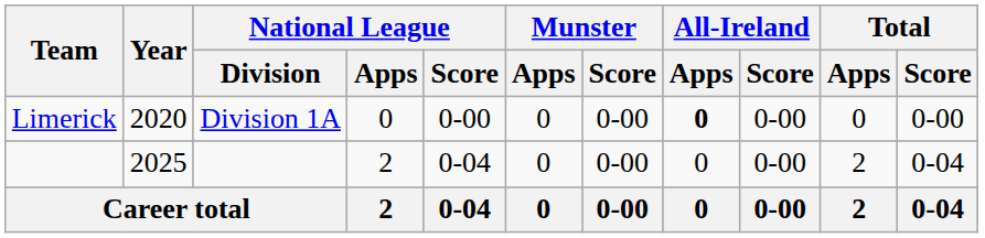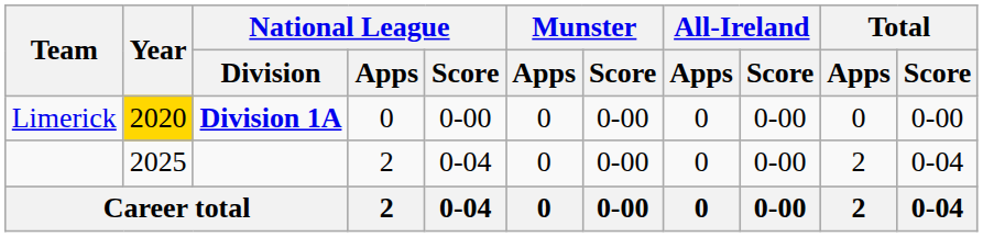 <table class="wikitable" style="text-align:center">
 <tr>
 <th rowspan="2">Team</th>
 <th rowspan="2">Year</th>
 <th colspan="3"><a href='#'>National League</a></th>
 <th colspan="2"><a href='#'>Munster</a></th>
 <th colspan="2"><a href='#'>All-Ireland</a></th>
 <th colspan="2">Total</th>
 </tr>
 <tr>
 <th>Division</th>
 <th>Apps</th>
 <th>Score</th>
 <th>Apps</th>
 <th>Score</th>
 <th>Apps</th>
 <th>Score</th>
 <th>Apps</th>
 <th>Score</th>
 </tr>
 <tr>
 <td rowspan="1"><a href='#'>Limerick</a></td>
-<td>2020</td>
-<td rowspan="1"><a href='#'>Division 1A</a></td>
+<td style="background: gold;">2020</td>
+<td rowspan="1"><strong><a href='#'>Division 1A</a></strong></td>
 <td>0</td>
 <td>0-00</td>
 <td>0</td>
 <td>0-00</td>
-<td><strong>0</strong></td>
+<td>0</td>
 <td>0-00</td>
 <td>0</td>
 <td>0-00</td>
 </tr>
 <tr>
 <td></td>
 <td>2025</td>
 <td></td>
 <td>2</td>
 <td>0-04</td>
 <td>0</td>
 <td>0-00</td>
 <td>0</td>
 <td>0-00</td>
 <td>2</td>
 <td>0-04</td>
 </tr>
 <tr>
 <th colspan="3">Career total</th>
 <th>2</th>
 <th>0-04</th>
 <th>0</th>
 <th>0-00</th>
 <th>0</th>
 <th>0-00</th>
 <th>2</th>
 <th>0-04</th>
 </tr>
 </table>
